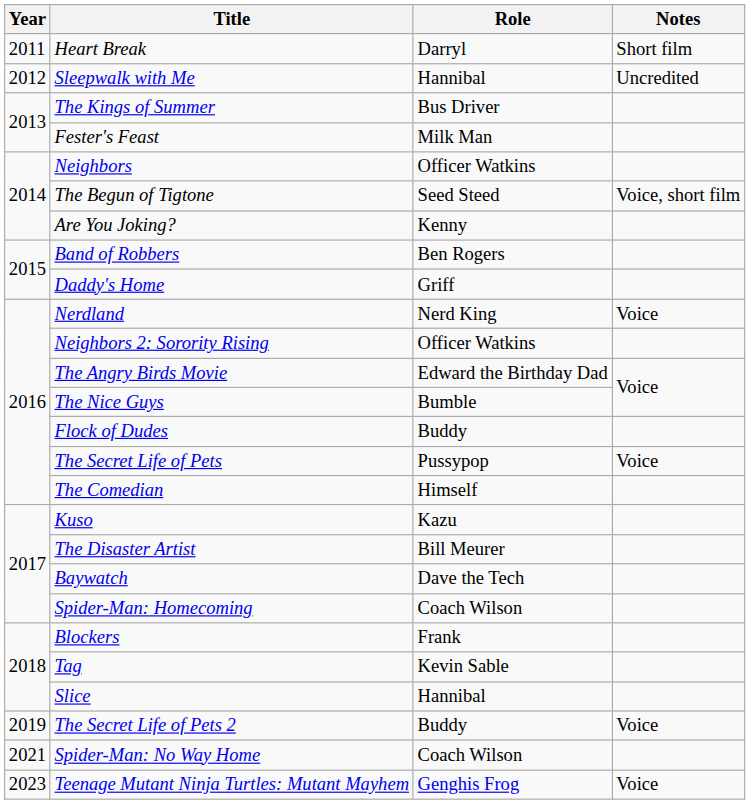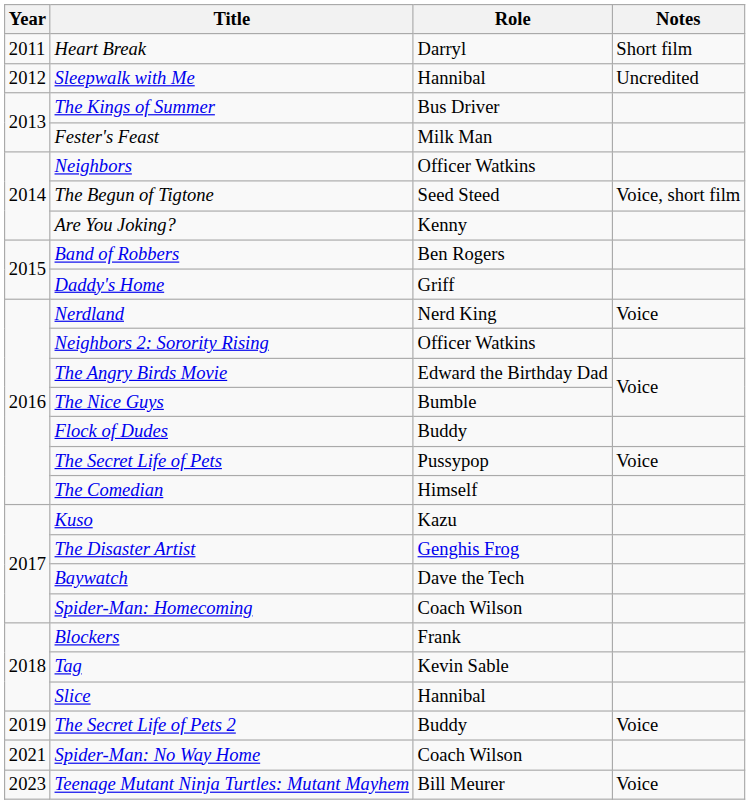 <table class="wikitable sortable">
 <tr>
 <th>Year</th>
 <th>Title</th>
 <th>Role</th>
 <th class="unsortable">Notes</th>
 </tr>
 <tr>
 <td>2011</td>
 <td><em>Heart Break</em></td>
 <td>Darryl</td>
 <td>Short film</td>
 </tr>
 <tr>
 <td>2012</td>
 <td><em><a href='#'>Sleepwalk with Me</a></em></td>
 <td>Hannibal</td>
 <td>Uncredited</td>
 </tr>
 <tr>
 <td rowspan="2">2013</td>
 <td><em><a href='#'>The Kings of Summer</a></em></td>
 <td>Bus Driver</td>
 <td></td>
 </tr>
 <tr>
 <td><em>Fester's Feast</em></td>
 <td>Milk Man</td>
 <td></td>
 </tr>
 <tr>
 <td rowspan="3">2014</td>
 <td><em><a href='#'>Neighbors</a></em></td>
 <td>Officer Watkins</td>
 <td></td>
 </tr>
 <tr>
 <td><em>The Begun of Tigtone</em></td>
 <td>Seed Steed</td>
 <td>Voice, short film</td>
 </tr>
 <tr>
 <td><em>Are You Joking?</em></td>
 <td>Kenny</td>
 <td></td>
 </tr>
 <tr>
 <td rowspan="2">2015</td>
 <td><em><a href='#'>Band of Robbers</a></em></td>
 <td>Ben Rogers</td>
 <td></td>
 </tr>
 <tr>
 <td><em><a href='#'>Daddy's Home</a></em></td>
 <td>Griff</td>
 <td></td>
 </tr>
 <tr>
 <td rowspan="7">2016</td>
 <td><em><a href='#'>Nerdland</a></em></td>
 <td>Nerd King</td>
 <td>Voice</td>
 </tr>
 <tr>
 <td><em><a href='#'>Neighbors 2: Sorority Rising</a></em></td>
 <td>Officer Watkins</td>
 <td></td>
 </tr>
 <tr>
 <td><em><a href='#'>The Angry Birds Movie</a></em></td>
 <td>Edward the Birthday Dad</td>
 <td rowspan="2">Voice</td>
 </tr>
 <tr>
 <td><em><a href='#'>The Nice Guys</a></em></td>
 <td>Bumble</td>
 </tr>
 <tr>
 <td><em><a href='#'>Flock of Dudes</a></em></td>
 <td>Buddy</td>
 <td></td>
 </tr>
 <tr>
 <td><em><a href='#'>The Secret Life of Pets</a></em></td>
 <td>Pussypop</td>
 <td>Voice</td>
 </tr>
 <tr>
 <td><em><a href='#'>The Comedian</a></em></td>
 <td>Himself</td>
 <td></td>
 </tr>
 <tr>
 <td rowspan="4">2017</td>
 <td><em><a href='#'>Kuso</a></em></td>
 <td>Kazu</td>
 <td></td>
 </tr>
 <tr>
 <td><em><a href='#'>The Disaster Artist</a></em></td>
-<td>Bill Meurer</td>
+<td><a href='#'>Genghis Frog</a></td>
 <td></td>
 </tr>
 <tr>
 <td><em><a href='#'>Baywatch</a></em></td>
 <td>Dave the Tech</td>
 <td></td>
 </tr>
 <tr>
 <td><em><a href='#'>Spider-Man: Homecoming</a></em></td>
 <td>Coach Wilson</td>
 <td></td>
 </tr>
 <tr>
 <td rowspan="3">2018</td>
 <td><em><a href='#'>Blockers</a></em></td>
 <td>Frank</td>
 <td></td>
 </tr>
 <tr>
 <td><em><a href='#'>Tag</a></em></td>
 <td>Kevin Sable</td>
 <td></td>
 </tr>
 <tr>
 <td><em><a href='#'>Slice</a></em></td>
 <td>Hannibal</td>
 <td></td>
 </tr>
 <tr>
 <td>2019</td>
 <td><em><a href='#'>The Secret Life of Pets 2</a></em></td>
 <td>Buddy</td>
 <td>Voice</td>
 </tr>
 <tr>
 <td>2021</td>
 <td><em><a href='#'>Spider-Man: No Way Home</a></em></td>
 <td>Coach Wilson</td>
 <td></td>
 </tr>
 <tr>
 <td>2023</td>
 <td><em><a href='#'>Teenage Mutant Ninja Turtles: Mutant Mayhem</a></em></td>
-<td><a href='#'>Genghis Frog</a></td>
+<td>Bill Meurer</td>
 <td>Voice</td>
 </tr>
 </table>
